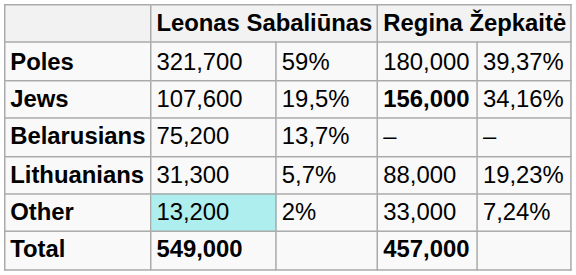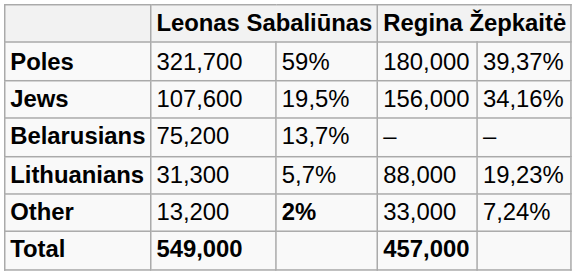 <table class="wikitable" clasp="wikitable">
 <tr>
 <th></th>
 <th colspan="2">Leonas Sabaliūnas</th>
 <th colspan="2">Regina Žepkaitė</th>
 </tr>
 <tr>
 <td><strong>Poles</strong></td>
 <td>321,700</td>
 <td>59%</td>
 <td>180,000</td>
 <td>39,37%</td>
 </tr>
 <tr>
 <td><strong>Jews</strong></td>
 <td>107,600</td>
 <td>19,5%</td>
-<td><strong>156,000</strong></td>
+<td>156,000</td>
 <td>34,16%</td>
 </tr>
 <tr>
 <td><strong>Belarusians</strong></td>
 <td>75,200</td>
 <td>13,7%</td>
 <td>–</td>
 <td>–</td>
 </tr>
 <tr>
 <td><strong>Lithuanians</strong></td>
 <td>31,300</td>
 <td>5,7%</td>
 <td>88,000</td>
 <td>19,23%</td>
 </tr>
 <tr>
 <td><strong>Other</strong></td>
-<td style="background: paleturquoise;">13,200</td>
-<td>2%</td>
+<td>13,200</td>
+<td><strong>2%</strong></td>
 <td>33,000</td>
 <td>7,24%</td>
 </tr>
 <tr>
 <td><strong>Total</strong></td>
 <td><strong>549,000</strong></td>
 <td></td>
 <td><strong>457,000</strong></td>
 <td></td>
 </tr>
 </table>
